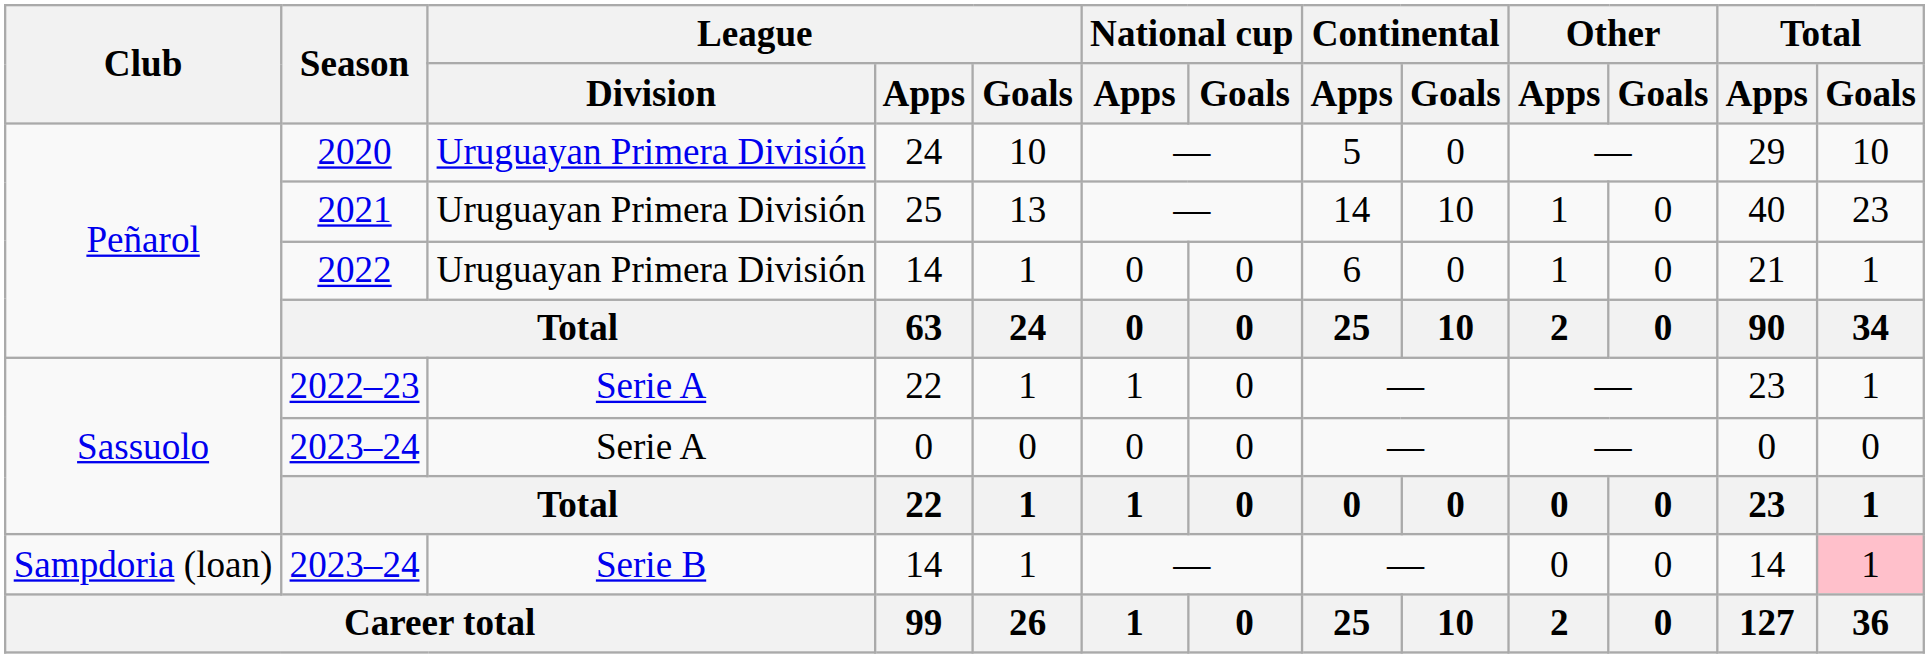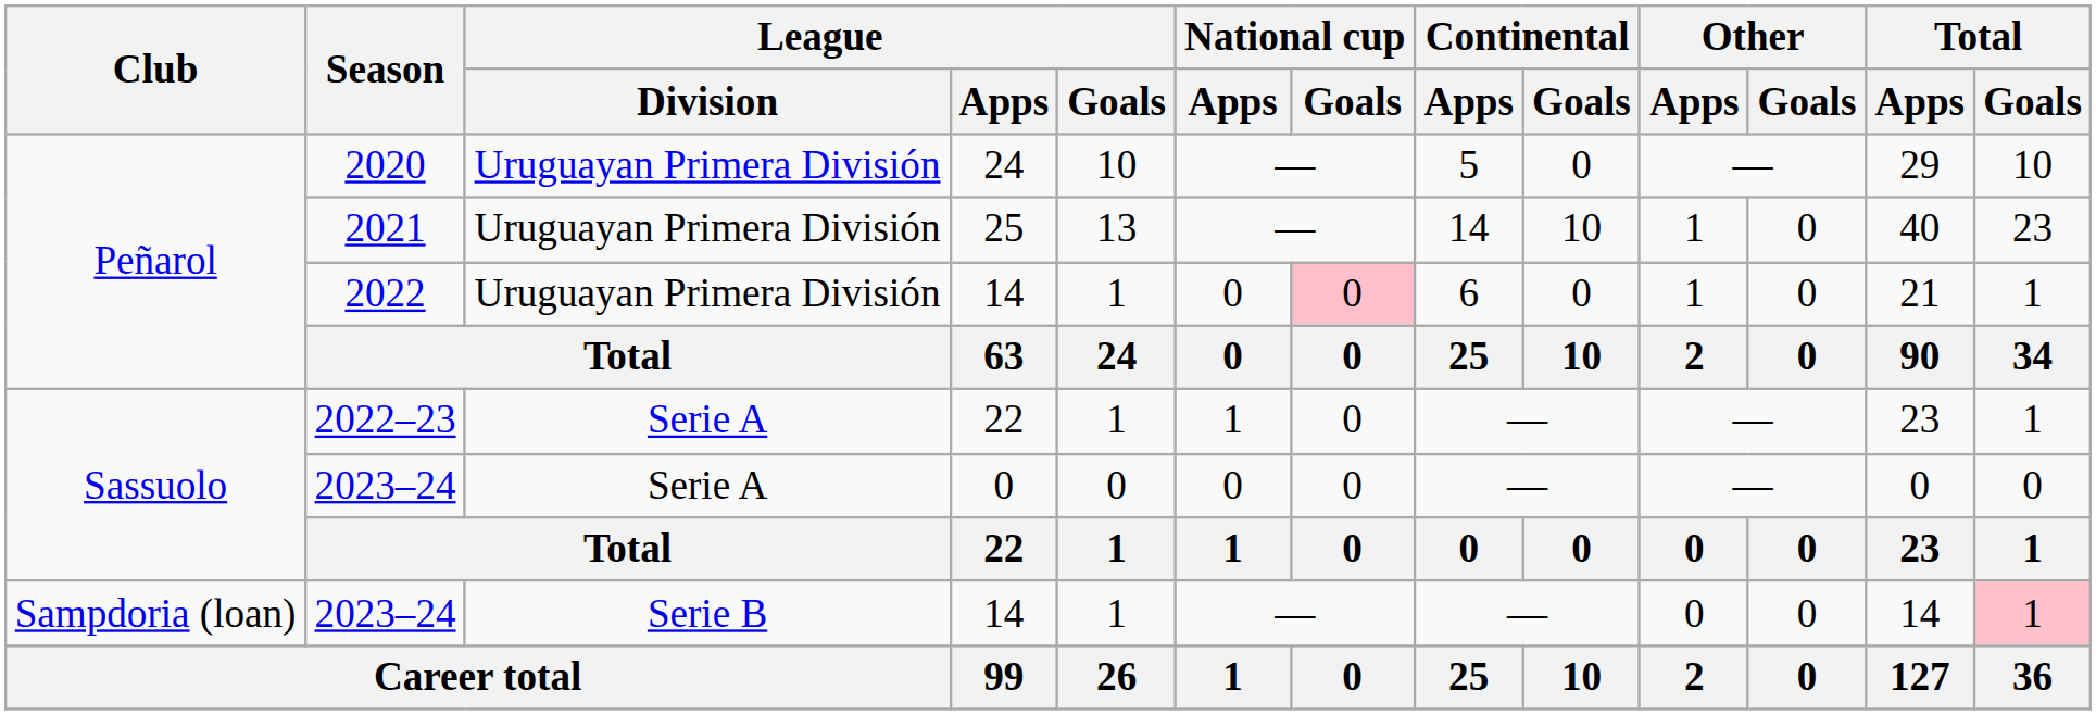 <table class="wikitable" Style="text-align: center">
 <tr>
 <th rowspan="2">Club</th>
 <th rowspan="2">Season</th>
 <th colspan="3">League</th>
 <th colspan="2">National cup</th>
 <th colspan="2">Continental</th>
 <th colspan="2">Other</th>
 <th colspan="2">Total</th>
 </tr>
 <tr>
 <th>Division</th>
 <th>Apps</th>
 <th>Goals</th>
 <th>Apps</th>
 <th>Goals</th>
 <th>Apps</th>
 <th>Goals</th>
 <th>Apps</th>
 <th>Goals</th>
 <th>Apps</th>
 <th>Goals</th>
 </tr>
 <tr>
 <td rowspan="4"><a href='#'>Peñarol</a></td>
 <td><a href='#'>2020</a></td>
 <td><a href='#'>Uruguayan Primera División</a></td>
 <td>24</td>
 <td>10</td>
 <td colspan="2">—</td>
 <td>5</td>
 <td>0</td>
 <td colspan="2">—</td>
 <td>29</td>
 <td>10</td>
 </tr>
 <tr>
 <td><a href='#'>2021</a></td>
 <td>Uruguayan Primera División</td>
 <td>25</td>
 <td>13</td>
 <td colspan="2">—</td>
 <td>14</td>
 <td>10</td>
 <td>1</td>
 <td>0</td>
 <td>40</td>
 <td>23</td>
 </tr>
 <tr>
 <td><a href='#'>2022</a></td>
 <td>Uruguayan Primera División</td>
 <td>14</td>
 <td>1</td>
 <td>0</td>
-<td>0</td>
+<td style="background: pink;">0</td>
 <td>6</td>
 <td>0</td>
 <td>1</td>
 <td>0</td>
 <td>21</td>
 <td>1</td>
 </tr>
 <tr>
 <th colspan="2">Total</th>
 <th>63</th>
 <th>24</th>
 <th>0</th>
 <th>0</th>
 <th>25</th>
 <th>10</th>
 <th>2</th>
 <th>0</th>
 <th>90</th>
 <th>34</th>
 </tr>
 <tr>
 <td rowspan="3"><a href='#'>Sassuolo</a></td>
 <td><a href='#'>2022–23</a></td>
 <td><a href='#'>Serie A</a></td>
 <td>22</td>
 <td>1</td>
 <td>1</td>
 <td>0</td>
 <td colspan="2">—</td>
 <td colspan="2">—</td>
 <td>23</td>
 <td>1</td>
 </tr>
 <tr>
 <td><a href='#'>2023–24</a></td>
 <td>Serie A</td>
 <td>0</td>
 <td>0</td>
 <td>0</td>
 <td>0</td>
 <td colspan="2">—</td>
 <td colspan="2">—</td>
 <td>0</td>
 <td>0</td>
 </tr>
 <tr>
 <th colspan="2">Total</th>
 <th>22</th>
 <th>1</th>
 <th>1</th>
 <th>0</th>
 <th>0</th>
 <th>0</th>
 <th>0</th>
 <th>0</th>
 <th>23</th>
 <th>1</th>
 </tr>
 <tr>
 <td><a href='#'>Sampdoria</a> (loan)</td>
 <td><a href='#'>2023–24</a></td>
 <td><a href='#'>Serie B</a></td>
 <td>14</td>
 <td>1</td>
 <td colspan="2">—</td>
 <td colspan="2">—</td>
 <td>0</td>
 <td>0</td>
 <td>14</td>
 <td style="background: pink;">1</td>
 </tr>
 <tr>
 <th colspan="3">Career total</th>
 <th>99</th>
 <th>26</th>
 <th>1</th>
 <th>0</th>
 <th>25</th>
 <th>10</th>
 <th>2</th>
 <th>0</th>
 <th>127</th>
 <th>36</th>
 </tr>
 </table>
